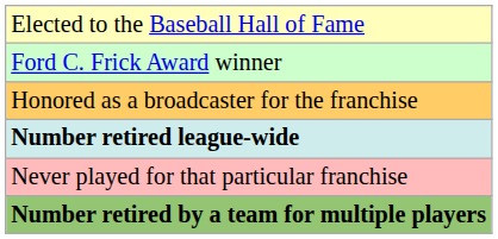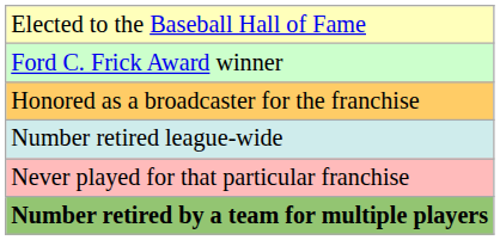 <table class="wikitable plainrowheaders">
 <tr>
 <td style="background:#ffb;">Elected to the <a href='#'>Baseball Hall of Fame</a></td>
 </tr>
 <tr>
 <td style="background:#cfc;"><a href='#'>Ford C. Frick Award</a> winner</td>
 </tr>
 <tr>
 <td style="background:#fc6;">Honored as a broadcaster for the franchise</td>
 </tr>
 <tr>
-<td style="background:#cfecec;"><strong>Number retired league-wide</strong></td>
+<td style="background:#cfecec;">Number retired league-wide</td>
 </tr>
 <tr>
 <td style="background:#ffbbbb;">Never played for that particular franchise</td>
 </tr>
 <tr>
 <td style="background:#93c572;"><strong>Number retired by a team for multiple players</strong></td>
 </tr>
 </table>
